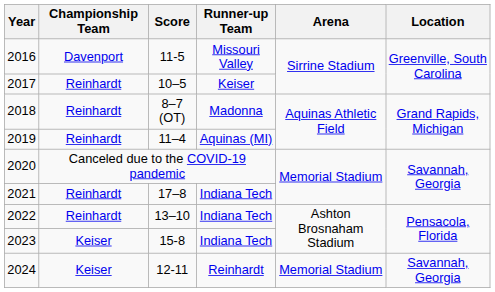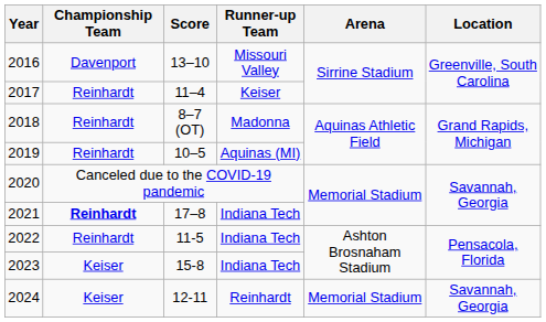 <table class="wikitable" style="text-align:center">
 <tr>
 <th>Year</th>
 <th>Championship Team</th>
 <th>Score</th>
 <th>Runner-up Team</th>
 <th>Arena</th>
 <th>Location</th>
 </tr>
 <tr>
 <td>2016</td>
 <td><a href='#'>Davenport</a></td>
-<td>11-5</td>
+<td>13–10</td>
 <td><a href='#'>Missouri Valley</a></td>
 <td rowspan="2"><a href='#'>Sirrine Stadium</a></td>
 <td rowspan="2"><a href='#'>Greenville, South Carolina</a></td>
 </tr>
 <tr>
 <td>2017</td>
 <td><a href='#'>Reinhardt</a></td>
-<td>10–5</td>
+<td>11–4</td>
 <td><a href='#'>Keiser</a></td>
 </tr>
 <tr>
 <td>2018</td>
 <td><a href='#'>Reinhardt</a></td>
 <td>8–7 (OT)</td>
 <td><a href='#'>Madonna</a></td>
 <td rowspan="2"><a href='#'>Aquinas Athletic Field</a></td>
 <td rowspan="2"><a href='#'>Grand Rapids, Michigan</a></td>
 </tr>
 <tr>
 <td>2019</td>
 <td><a href='#'>Reinhardt</a></td>
-<td>11–4</td>
+<td>10–5</td>
 <td><a href='#'>Aquinas (MI)</a></td>
 </tr>
 <tr>
 <td>2020</td>
 <td colspan=3>Canceled due to the <a href='#'>COVID-19 pandemic</a></td>
 <td rowspan="2"><a href='#'>Memorial Stadium</a></td>
 <td rowspan="2"><a href='#'>Savannah, Georgia</a></td>
 </tr>
 <tr>
 <td>2021</td>
-<td><a href='#'>Reinhardt</a></td>
+<td><strong><a href='#'>Reinhardt</a></strong></td>
 <td>17–8</td>
 <td><a href='#'>Indiana Tech</a></td>
 </tr>
 <tr>
 <td>2022</td>
 <td><a href='#'>Reinhardt</a></td>
-<td>13–10</td>
+<td>11-5</td>
 <td><a href='#'>Indiana Tech</a></td>
 <td rowspan="2">Ashton Brosnaham Stadium</td>
 <td rowspan="2"><a href='#'>Pensacola, Florida</a></td>
 </tr>
 <tr>
 <td>2023</td>
 <td><a href='#'>Keiser</a></td>
 <td>15-8</td>
 <td><a href='#'>Indiana Tech</a></td>
 </tr>
 <tr>
 <td>2024</td>
 <td><a href='#'>Keiser</a></td>
 <td>12-11</td>
 <td><a href='#'>Reinhardt</a></td>
 <td><a href='#'>Memorial Stadium</a></td>
 <td><a href='#'>Savannah, Georgia</a></td>
 </tr>
 </table>
